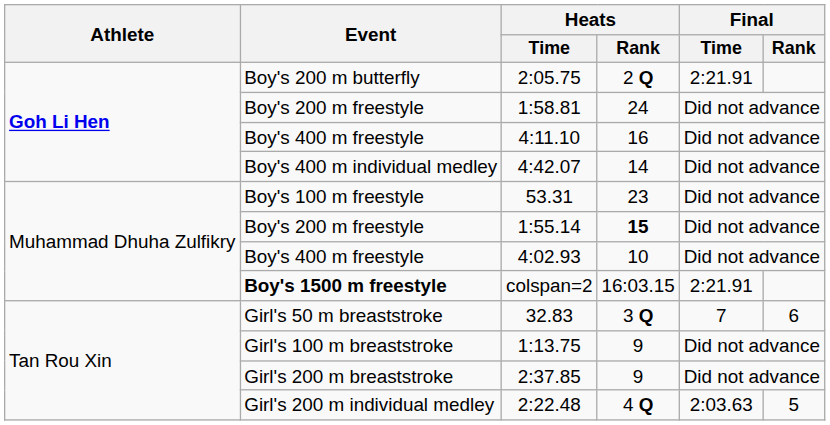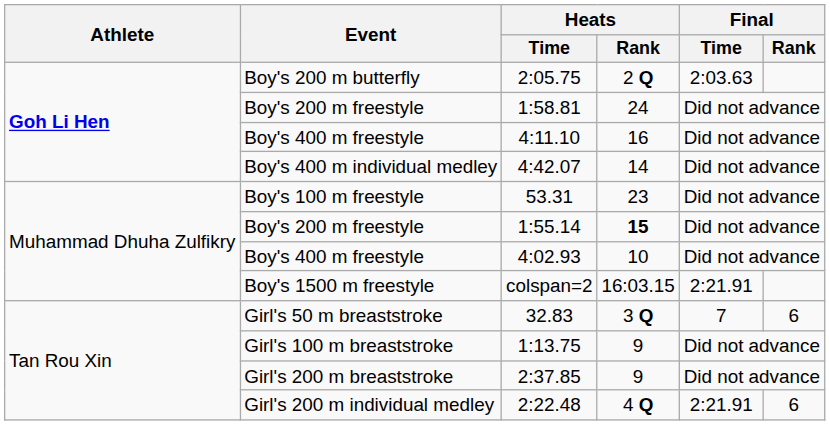 <table class=wikitable style=font-size:90%;text-align:center>
 <tr>
 <th rowspan=2>Athlete</th>
 <th rowspan=2>Event</th>
 <th colspan=2>Heats</th>
 <th colspan=2>Final</th>
 </tr>
 <tr style=font-size:95%>
 <th>Time</th>
 <th>Rank</th>
 <th>Time</th>
 <th>Rank</th>
 </tr>
 <tr>
 <td align=left rowspan=4><strong><a href='#'>Goh Li Hen</a></strong></td>
 <td align=left>Boy's 200 m butterfly</td>
 <td>2:05.75</td>
 <td>2 <strong>Q</strong></td>
-<td>2:21.91</td>
+<td>2:03.63</td>
 <td></td>
 </tr>
 <tr>
 <td align=left>Boy's 200 m freestyle</td>
 <td>1:58.81</td>
 <td>24</td>
 <td colspan="2">Did not advance</td>
 </tr>
 <tr>
 <td align=left>Boy's 400 m freestyle</td>
 <td>4:11.10</td>
 <td>16</td>
 <td colspan="2">Did not advance</td>
 </tr>
 <tr>
 <td align=left>Boy's 400 m individual medley</td>
 <td>4:42.07</td>
 <td>14</td>
 <td colspan="2">Did not advance</td>
 </tr>
 <tr>
 <td align=left rowspan=4>Muhammad Dhuha Zulfikry</td>
 <td align=left>Boy's 100 m freestyle</td>
 <td>53.31</td>
 <td>23</td>
 <td colspan="2">Did not advance</td>
 </tr>
 <tr>
 <td align=left>Boy's 200 m freestyle</td>
 <td>1:55.14</td>
 <td><strong>15</strong></td>
 <td colspan="2">Did not advance</td>
 </tr>
 <tr>
 <td align=left>Boy's 400 m freestyle</td>
 <td>4:02.93</td>
 <td>10</td>
 <td colspan="2">Did not advance</td>
 </tr>
 <tr>
-<td align=left><strong>Boy's 1500 m freestyle</strong></td>
+<td align=left>Boy's 1500 m freestyle</td>
 <td>colspan=2 </td>
 <td>16:03.15</td>
 <td>2:21.91</td>
 </tr>
 <tr>
 <td align=left rowspan=4>Tan Rou Xin</td>
 <td align=left>Girl's 50 m breaststroke</td>
 <td>32.83</td>
 <td>3 <strong>Q</strong></td>
 <td>7</td>
 <td>6</td>
 </tr>
 <tr>
 <td align=left>Girl's 100 m breaststroke</td>
 <td>1:13.75</td>
 <td>9</td>
 <td colspan="2">Did not advance</td>
 </tr>
 <tr>
 <td align=left>Girl's 200 m breaststroke</td>
 <td>2:37.85</td>
 <td>9</td>
 <td colspan="2">Did not advance</td>
 </tr>
 <tr>
 <td align=left>Girl's 200 m individual medley</td>
 <td>2:22.48</td>
 <td>4 <strong>Q</strong></td>
-<td>2:03.63</td>
-<td>5</td>
+<td>2:21.91</td>
+<td>6</td>
 </tr>
 </table>
